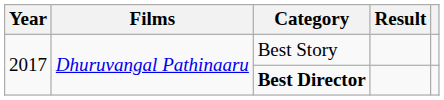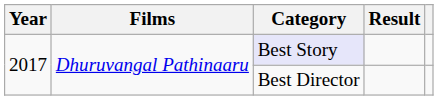 <table class="wikitable sortable">
 <tr>
 <th>Year</th>
 <th>Films</th>
 <th>Category</th>
 <th>Result</th>
 <th></th>
 </tr>
 <tr>
 <td Rowspan = 2>2017</td>
 <td Rowspan = 2><em><a href='#'>Dhuruvangal Pathinaaru</a></em></td>
-<td>Best Story</td>
+<td style="background: lavender;">Best Story</td>
 <td></td>
 <td></td>
 </tr>
 <tr>
-<td><strong>Best Director</strong></td>
+<td>Best Director</td>
 <td></td>
 <td></td>
 </tr>
 </table>
